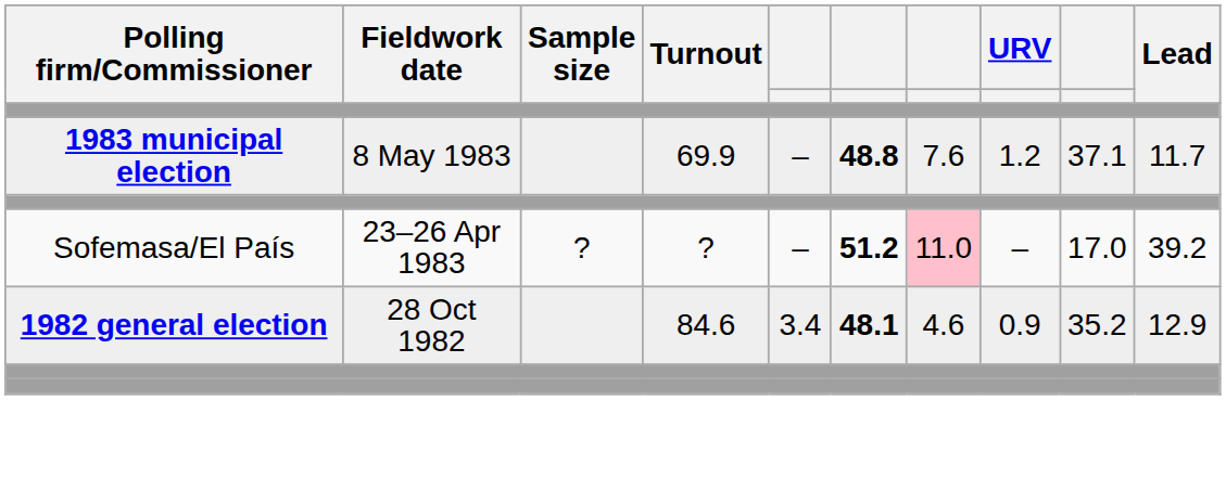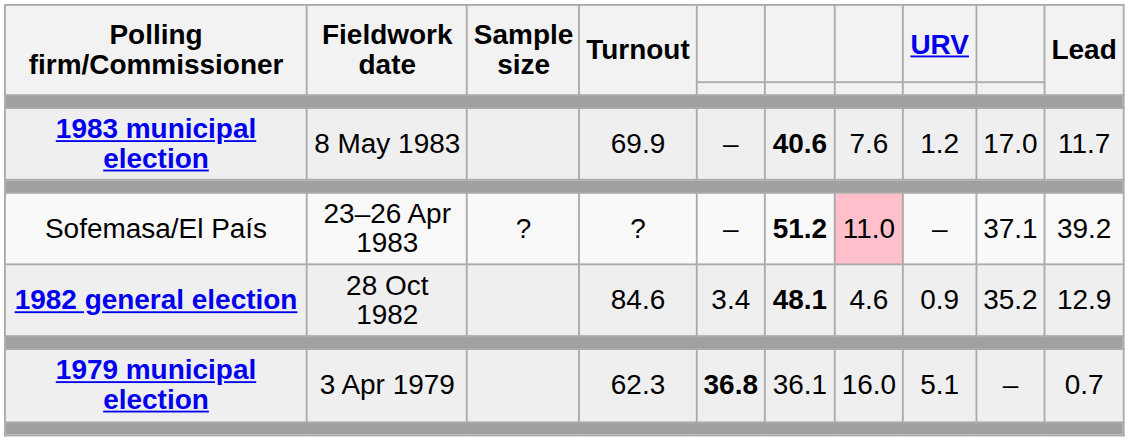 <table class="wikitable collapsible collapsed" style="text-align:center; font-size:95%; line-height:16px;">
 <tr style="height:42px;">
 <th style="width:250px;" rowspan="2">Polling firm/Commissioner</th>
 <th style="width:125px;" rowspan="2">Fieldwork date</th>
 <th style="width:50px;" rowspan="2">Sample size</th>
 <th style="width:45px;" rowspan="2">Turnout</th>
 <th style="width:35px;"></th>
 <th style="width:35px;"></th>
 <th style="width:35px;"></th>
 <th style="width:35px;"><a href='#'>URV</a></th>
 <th style="width:35px;"></th>
 <th style="width:30px;" rowspan="2">Lead</th>
 </tr>
 <tr>
 <th style="color:inherit;background:"></th>
 <th style="color:inherit;background:"></th>
 <th style="color:inherit;background:"></th>
 <th style="color:inherit;background:"></th>
 <th style="color:inherit;background:"></th>
 </tr>
 <tr>
 <td colspan="10" style="background:#A0A0A0"></td>
 </tr>
 <tr style="background:#EFEFEF;">
 <td><strong><a href='#'>1983 municipal election</a></strong></td>
 <td>8 May 1983</td>
 <td></td>
 <td>69.9</td>
 <td>–</td>
-<td><strong>48.8</strong><br></td>
+<td><strong>40.6</strong><br></td>
 <td>7.6<br></td>
 <td>1.2<br></td>
-<td>37.1<br></td>
+<td>17.0<br></td>
 <td style="background:">11.7</td>
 </tr>
 <tr>
 <td colspan="10" style="background:#A0A0A0"></td>
 </tr>
 <tr>
 <td>Sofemasa/El País</td>
 <td>23–26 Apr 1983</td>
 <td>?</td>
 <td>?</td>
 <td>–</td>
 <td><strong>51.2</strong><br></td>
 <td style="background: pink;">11.0<br></td>
 <td>–</td>
-<td>17.0<br></td>
+<td>37.1<br></td>
 <td style="background:">39.2</td>
 </tr>
 <tr style="background:#EFEFEF;">
 <td><strong><a href='#'>1982 general election</a></strong></td>
 <td>28 Oct 1982</td>
 <td></td>
 <td>84.6</td>
 <td>3.4<br></td>
 <td><strong>48.1</strong><br></td>
 <td>4.6<br></td>
 <td>0.9<br></td>
 <td>35.2<br></td>
 <td style="background:">12.9</td>
 </tr>
 <tr>
 <td colspan="10" style="background:#A0A0A0"></td>
 </tr>
+<tr style="background:#EFEFEF;">
+<td><strong><a href='#'>1979 municipal election</a></strong></td>
+<td>3 Apr 1979</td>
+<td></td>
+<td>62.3</td>
+<td><strong>36.8</strong><br></td>
+<td>36.1<br></td>
+<td>16.0<br></td>
+<td>5.1<br></td>
+<td>–</td>
+<td style="background:">0.7</td>
+</tr>
 <tr>
 <td colspan="10" style="background:#A0A0A0"></td>
 </tr>
 </table>
